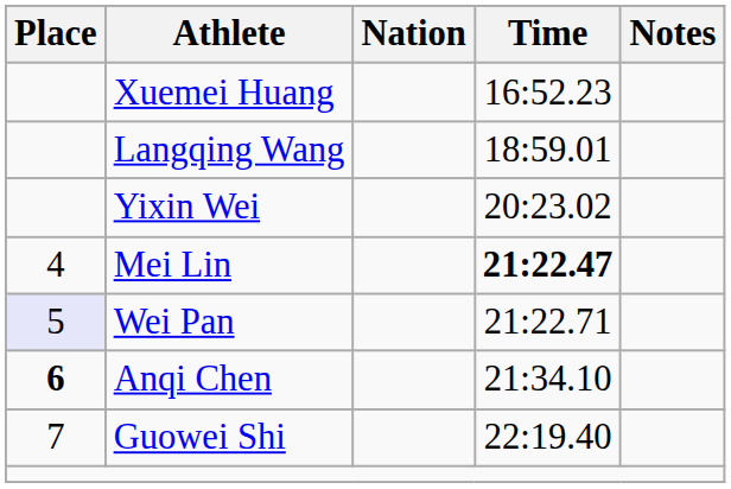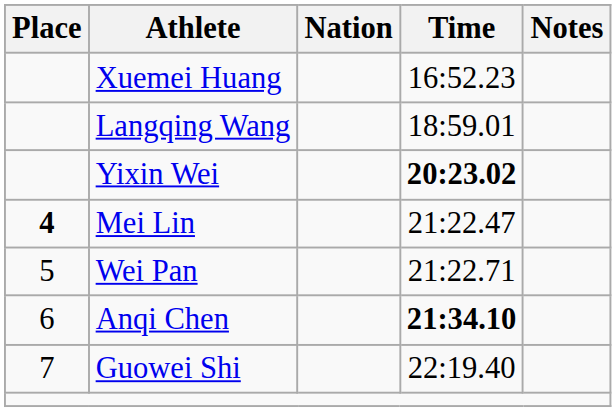 <table class="wikitable mw-datatable sortable" style="text-align:center;">
 <tr>
 <th scope="col">Place</th>
 <th scope="col">Athlete</th>
 <th scope="col">Nation</th>
 <th scope="col">Time</th>
 <th scope="col">Notes</th>
 </tr>
 <tr>
 <td></td>
 <td align="left"><a href='#'>Xuemei Huang</a></td>
 <td align="left"></td>
 <td>16:52.23</td>
 <td></td>
 </tr>
 <tr>
 <td></td>
 <td align="left"><a href='#'>Langqing Wang</a></td>
 <td align="left"></td>
 <td>18:59.01</td>
 <td></td>
 </tr>
 <tr>
 <td></td>
 <td align="left"><a href='#'>Yixin Wei</a></td>
 <td align="left"></td>
-<td>20:23.02</td>
+<td><strong>20:23.02</strong></td>
 <td></td>
 </tr>
 <tr>
-<td>4</td>
+<td><strong>4</strong></td>
 <td align="left"><a href='#'>Mei Lin</a></td>
 <td align="left"></td>
-<td><strong>21:22.47</strong></td>
+<td>21:22.47</td>
 <td></td>
 </tr>
 <tr>
-<td style="background: lavender;">5</td>
+<td>5</td>
 <td align="left"><a href='#'>Wei Pan</a></td>
 <td align="left"></td>
 <td>21:22.71</td>
 <td></td>
 </tr>
 <tr>
-<td><strong>6</strong></td>
+<td>6</td>
 <td align="left"><a href='#'>Anqi Chen</a></td>
 <td align="left"></td>
-<td>21:34.10</td>
+<td><strong>21:34.10</strong></td>
 <td></td>
 </tr>
 <tr>
 <td>7</td>
 <td align="left"><a href='#'>Guowei Shi</a></td>
 <td align="left"></td>
 <td>22:19.40</td>
 <td></td>
 </tr>
 <tr class="sortbottom">
 <td colspan="5"></td>
 </tr>
 </table>
